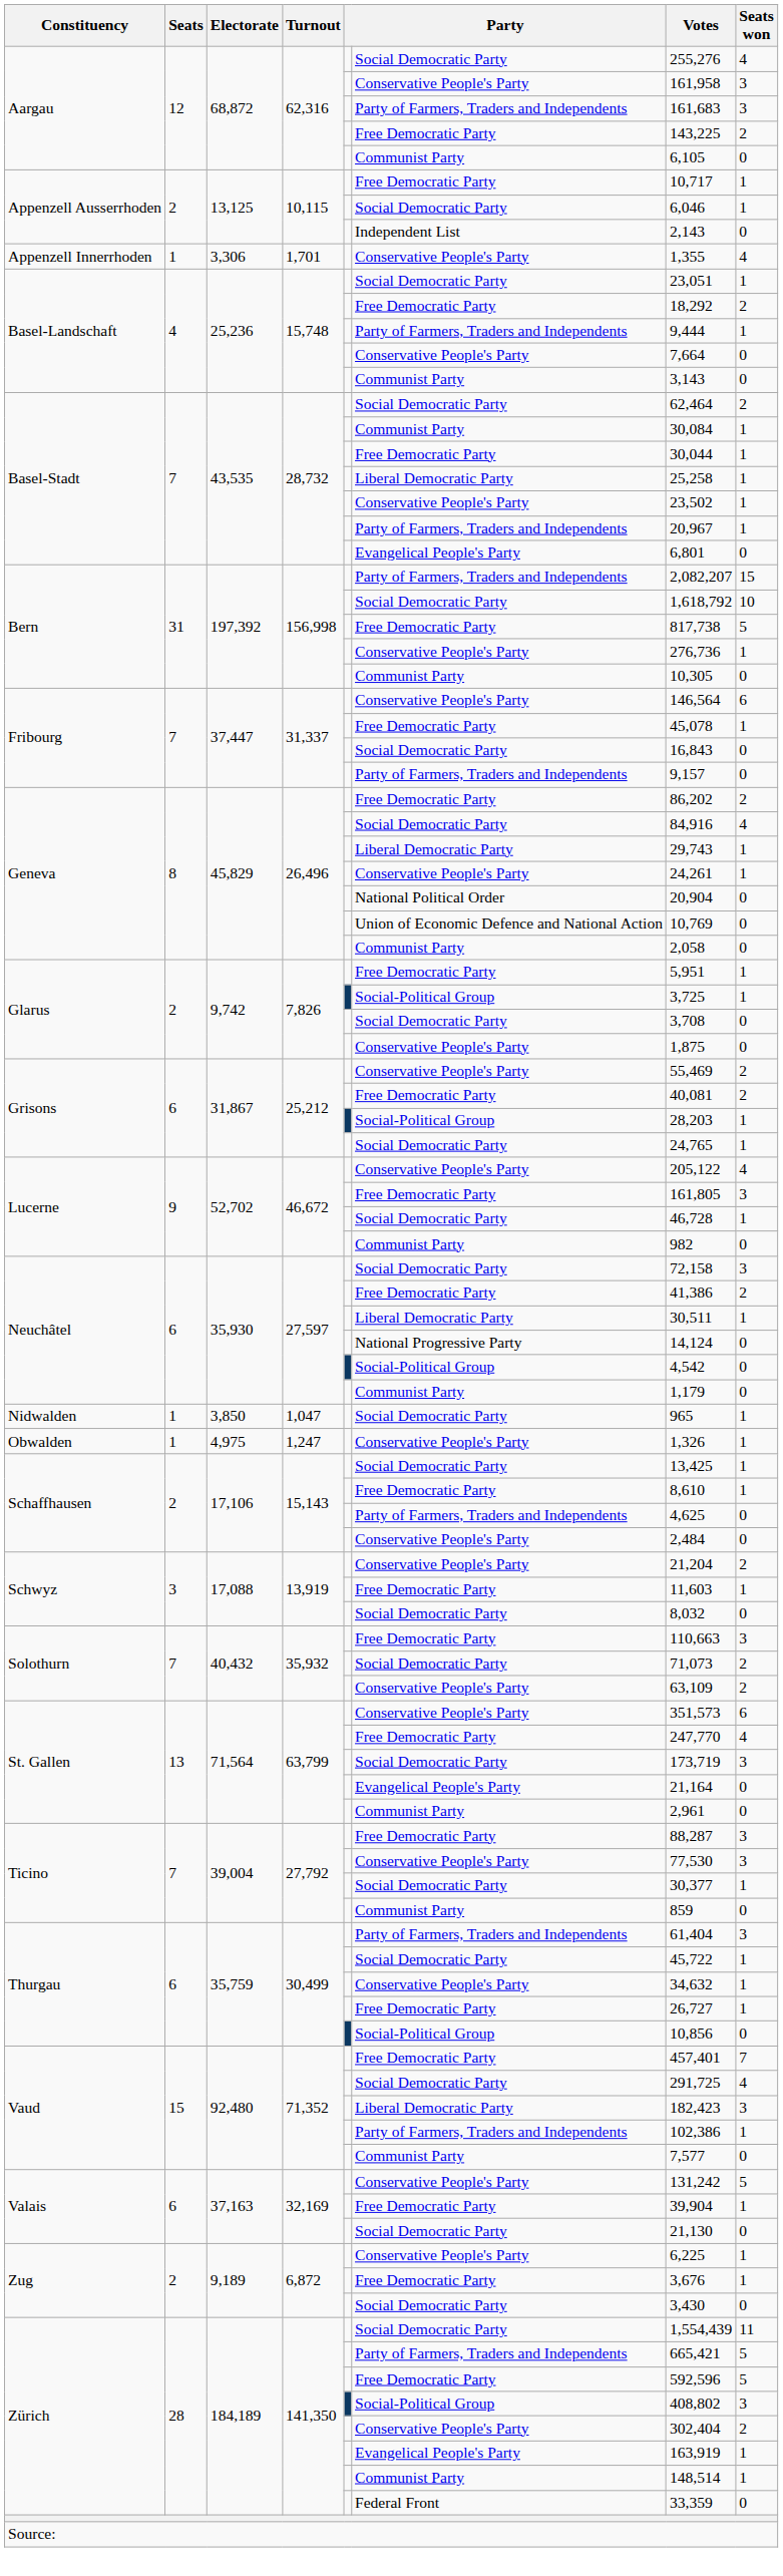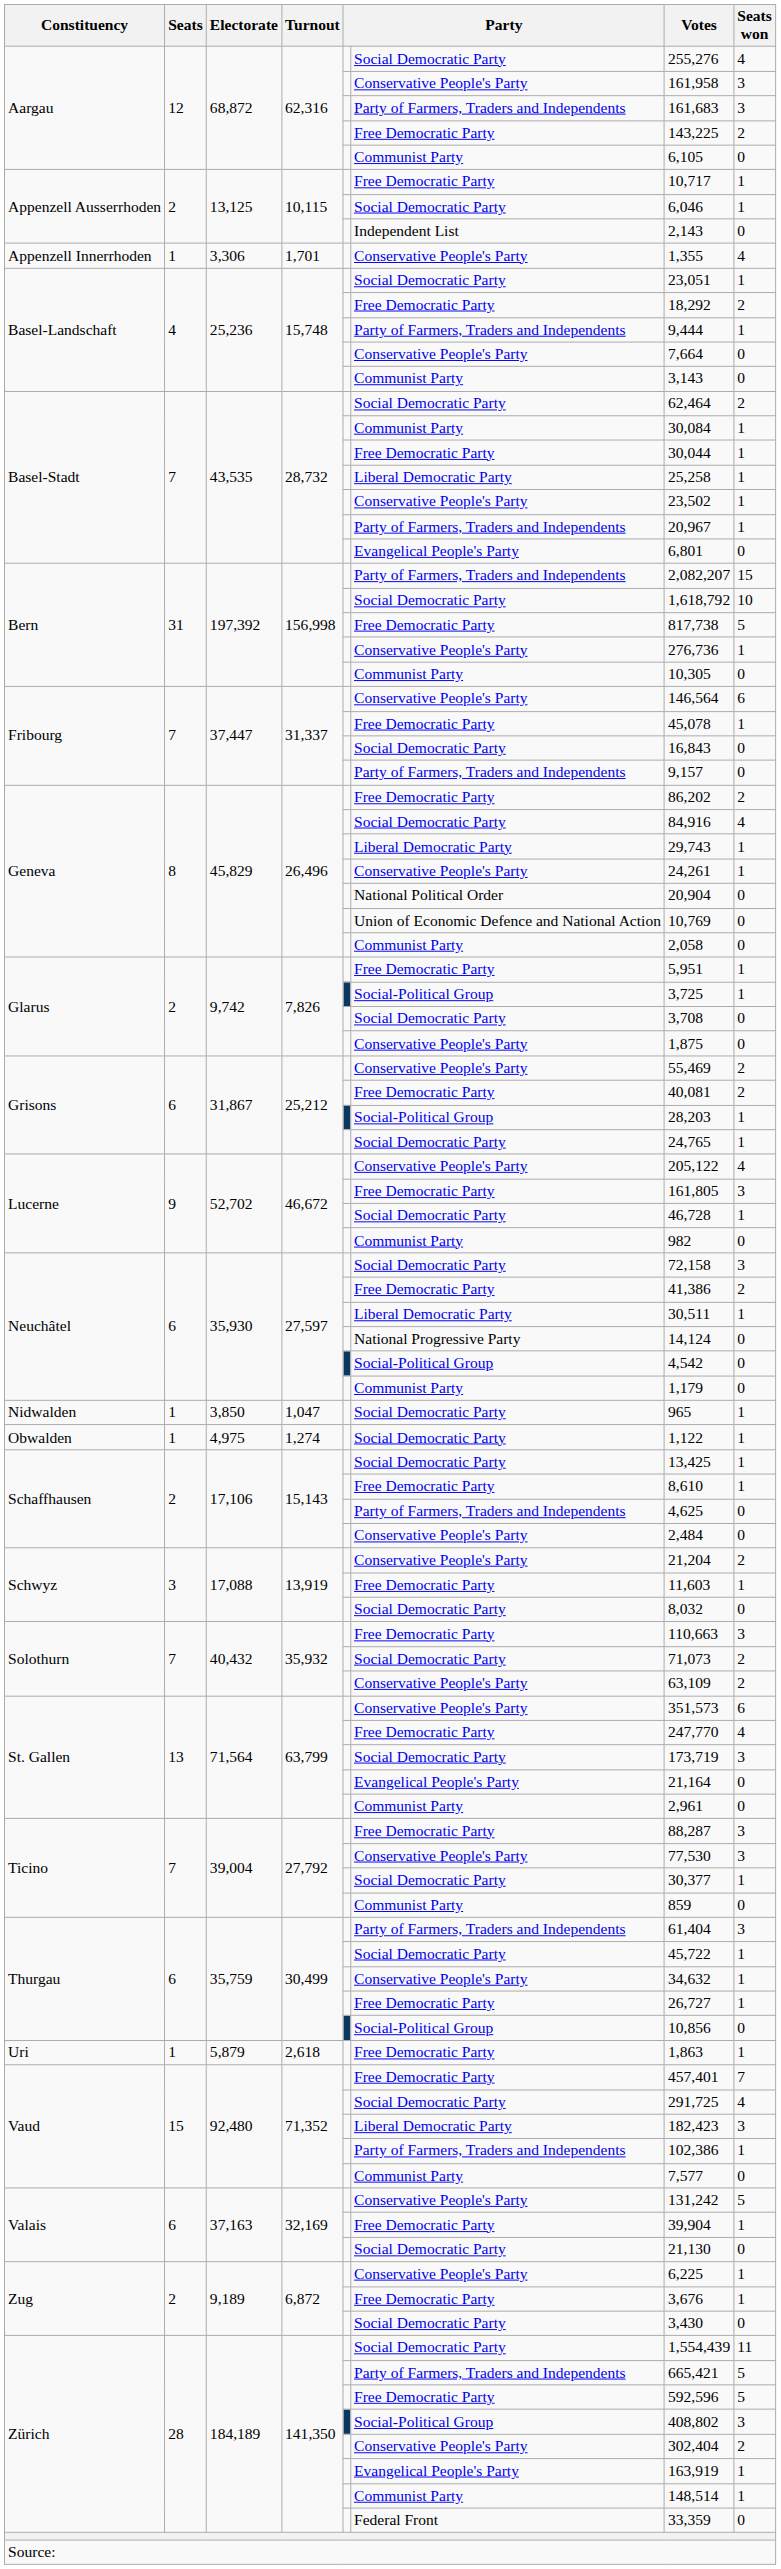 <table class="wikitable">
 <tr>
 <th>Constituency</th>
 <th>Seats</th>
 <th>Electorate</th>
 <th>Turnout</th>
 <th colspan="2">Party</th>
 <th>Votes</th>
 <th>Seats<br>won</th>
 </tr>
 <tr>
 <td rowspan="5">Aargau</td>
 <td rowspan="5">12</td>
 <td rowspan="5">68,872</td>
 <td rowspan="5">62,316</td>
 <td style="color:inherit;background:"></td>
 <td><a href='#'>Social Democratic Party</a></td>
 <td>255,276</td>
 <td>4</td>
 </tr>
 <tr>
 <td style="color:inherit;background:"></td>
 <td><a href='#'>Conservative People's Party</a></td>
 <td>161,958</td>
 <td>3</td>
 </tr>
 <tr>
 <td style="color:inherit;background:"></td>
 <td><a href='#'>Party of Farmers, Traders and Independents</a></td>
 <td>161,683</td>
 <td>3</td>
 </tr>
 <tr>
 <td style="color:inherit;background:"></td>
 <td><a href='#'>Free Democratic Party</a></td>
 <td>143,225</td>
 <td>2</td>
 </tr>
 <tr>
 <td style="color:inherit;background:"></td>
 <td><a href='#'>Communist Party</a></td>
 <td>6,105</td>
 <td>0</td>
 </tr>
 <tr>
 <td rowspan="3">Appenzell Ausserrhoden</td>
 <td rowspan="3">2</td>
 <td rowspan="3">13,125</td>
 <td rowspan="3">10,115</td>
 <td style="color:inherit;background:"></td>
 <td><a href='#'>Free Democratic Party</a></td>
 <td>10,717</td>
 <td>1</td>
 </tr>
 <tr>
 <td style="color:inherit;background:"></td>
 <td><a href='#'>Social Democratic Party</a></td>
 <td>6,046</td>
 <td>1</td>
 </tr>
 <tr>
 <td style="color:inherit;background:"></td>
 <td>Independent List</td>
 <td>2,143</td>
 <td>0</td>
 </tr>
 <tr>
 <td>Appenzell Innerrhoden</td>
 <td>1</td>
 <td>3,306</td>
 <td>1,701</td>
 <td style="color:inherit;background:"></td>
 <td><a href='#'>Conservative People's Party</a></td>
 <td>1,355</td>
 <td>4</td>
 </tr>
 <tr>
 <td rowspan="5">Basel-Landschaft</td>
 <td rowspan="5">4</td>
 <td rowspan="5">25,236</td>
 <td rowspan="5">15,748</td>
 <td style="color:inherit;background:"></td>
 <td><a href='#'>Social Democratic Party</a></td>
 <td>23,051</td>
 <td>1</td>
 </tr>
 <tr>
 <td style="color:inherit;background:"></td>
 <td><a href='#'>Free Democratic Party</a></td>
 <td>18,292</td>
 <td>2</td>
 </tr>
 <tr>
 <td style="color:inherit;background:"></td>
 <td><a href='#'>Party of Farmers, Traders and Independents</a></td>
 <td>9,444</td>
 <td>1</td>
 </tr>
 <tr>
 <td style="color:inherit;background:"></td>
 <td><a href='#'>Conservative People's Party</a></td>
 <td>7,664</td>
 <td>0</td>
 </tr>
 <tr>
 <td style="color:inherit;background:"></td>
 <td><a href='#'>Communist Party</a></td>
 <td>3,143</td>
 <td>0</td>
 </tr>
 <tr>
 <td rowspan="7">Basel-Stadt</td>
 <td rowspan="7">7</td>
 <td rowspan="7">43,535</td>
 <td rowspan="7">28,732</td>
 <td style="color:inherit;background:"></td>
 <td><a href='#'>Social Democratic Party</a></td>
 <td>62,464</td>
 <td>2</td>
 </tr>
 <tr>
 <td style="color:inherit;background:"></td>
 <td><a href='#'>Communist Party</a></td>
 <td>30,084</td>
 <td>1</td>
 </tr>
 <tr>
 <td style="color:inherit;background:"></td>
 <td><a href='#'>Free Democratic Party</a></td>
 <td>30,044</td>
 <td>1</td>
 </tr>
 <tr>
 <td style="color:inherit;background:"></td>
 <td><a href='#'>Liberal Democratic Party</a></td>
 <td>25,258</td>
 <td>1</td>
 </tr>
 <tr>
 <td style="color:inherit;background:"></td>
 <td><a href='#'>Conservative People's Party</a></td>
 <td>23,502</td>
 <td>1</td>
 </tr>
 <tr>
 <td style="color:inherit;background:"></td>
 <td><a href='#'>Party of Farmers, Traders and Independents</a></td>
 <td>20,967</td>
 <td>1</td>
 </tr>
 <tr>
 <td style="color:inherit;background:"></td>
 <td><a href='#'>Evangelical People's Party</a></td>
 <td>6,801</td>
 <td>0</td>
 </tr>
 <tr>
 <td rowspan="5">Bern</td>
 <td rowspan="5">31</td>
 <td rowspan="5">197,392</td>
 <td rowspan="5">156,998</td>
 <td style="color:inherit;background:"></td>
 <td><a href='#'>Party of Farmers, Traders and Independents</a></td>
 <td>2,082,207</td>
 <td>15</td>
 </tr>
 <tr>
 <td style="color:inherit;background:"></td>
 <td><a href='#'>Social Democratic Party</a></td>
 <td>1,618,792</td>
 <td>10</td>
 </tr>
 <tr>
 <td style="color:inherit;background:"></td>
 <td><a href='#'>Free Democratic Party</a></td>
 <td>817,738</td>
 <td>5</td>
 </tr>
 <tr>
 <td style="color:inherit;background:"></td>
 <td><a href='#'>Conservative People's Party</a></td>
 <td>276,736</td>
 <td>1</td>
 </tr>
 <tr>
 <td style="color:inherit;background:"></td>
 <td><a href='#'>Communist Party</a></td>
 <td>10,305</td>
 <td>0</td>
 </tr>
 <tr>
 <td rowspan="4">Fribourg</td>
 <td rowspan="4">7</td>
 <td rowspan="4">37,447</td>
 <td rowspan="4">31,337</td>
 <td style="color:inherit;background:"></td>
 <td><a href='#'>Conservative People's Party</a></td>
 <td>146,564</td>
 <td>6</td>
 </tr>
 <tr>
 <td style="color:inherit;background:"></td>
 <td><a href='#'>Free Democratic Party</a></td>
 <td>45,078</td>
 <td>1</td>
 </tr>
 <tr>
 <td style="color:inherit;background:"></td>
 <td><a href='#'>Social Democratic Party</a></td>
 <td>16,843</td>
 <td>0</td>
 </tr>
 <tr>
 <td style="color:inherit;background:"></td>
 <td><a href='#'>Party of Farmers, Traders and Independents</a></td>
 <td>9,157</td>
 <td>0</td>
 </tr>
 <tr>
 <td rowspan="7">Geneva</td>
 <td rowspan="7">8</td>
 <td rowspan="7">45,829</td>
 <td rowspan="7">26,496</td>
 <td style="color:inherit;background:"></td>
 <td><a href='#'>Free Democratic Party</a></td>
 <td>86,202</td>
 <td>2</td>
 </tr>
 <tr>
 <td style="color:inherit;background:"></td>
 <td><a href='#'>Social Democratic Party</a></td>
 <td>84,916</td>
 <td>4</td>
 </tr>
 <tr>
 <td style="color:inherit;background:"></td>
 <td><a href='#'>Liberal Democratic Party</a></td>
 <td>29,743</td>
 <td>1</td>
 </tr>
 <tr>
 <td style="color:inherit;background:"></td>
 <td><a href='#'>Conservative People's Party</a></td>
 <td>24,261</td>
 <td>1</td>
 </tr>
 <tr>
 <td style="color:inherit;background:"></td>
 <td>National Political Order</td>
 <td>20,904</td>
 <td>0</td>
 </tr>
 <tr>
 <td style="color:inherit;background:"></td>
 <td>Union of Economic Defence and National Action</td>
 <td>10,769</td>
 <td>0</td>
 </tr>
 <tr>
 <td style="color:inherit;background:"></td>
 <td><a href='#'>Communist Party</a></td>
 <td>2,058</td>
 <td>0</td>
 </tr>
 <tr>
 <td rowspan="4">Glarus</td>
 <td rowspan="4">2</td>
 <td rowspan="4">9,742</td>
 <td rowspan="4">7,826</td>
 <td style="color:inherit;background:"></td>
 <td><a href='#'>Free Democratic Party</a></td>
 <td>5,951</td>
 <td>1</td>
 </tr>
 <tr>
 <td style="color:inherit;background:#0B3861"></td>
 <td><a href='#'>Social-Political Group</a></td>
 <td>3,725</td>
 <td>1</td>
 </tr>
 <tr>
 <td style="color:inherit;background:"></td>
 <td><a href='#'>Social Democratic Party</a></td>
 <td>3,708</td>
 <td>0</td>
 </tr>
 <tr>
 <td style="color:inherit;background:"></td>
 <td><a href='#'>Conservative People's Party</a></td>
 <td>1,875</td>
 <td>0</td>
 </tr>
 <tr>
 <td rowspan="4">Grisons</td>
 <td rowspan="4">6</td>
 <td rowspan="4">31,867</td>
 <td rowspan="4">25,212</td>
 <td style="color:inherit;background:"></td>
 <td><a href='#'>Conservative People's Party</a></td>
 <td>55,469</td>
 <td>2</td>
 </tr>
 <tr>
 <td style="color:inherit;background:"></td>
 <td><a href='#'>Free Democratic Party</a></td>
 <td>40,081</td>
 <td>2</td>
 </tr>
 <tr>
 <td style="color:inherit;background:#0B3861"></td>
 <td><a href='#'>Social-Political Group</a></td>
 <td>28,203</td>
 <td>1</td>
 </tr>
 <tr>
 <td style="color:inherit;background:"></td>
 <td><a href='#'>Social Democratic Party</a></td>
 <td>24,765</td>
 <td>1</td>
 </tr>
 <tr>
 <td rowspan="4">Lucerne</td>
 <td rowspan="4">9</td>
 <td rowspan="4">52,702</td>
 <td rowspan="4">46,672</td>
 <td style="color:inherit;background:"></td>
 <td><a href='#'>Conservative People's Party</a></td>
 <td>205,122</td>
 <td>4</td>
 </tr>
 <tr>
 <td style="color:inherit;background:"></td>
 <td><a href='#'>Free Democratic Party</a></td>
 <td>161,805</td>
 <td>3</td>
 </tr>
 <tr>
 <td style="color:inherit;background:"></td>
 <td><a href='#'>Social Democratic Party</a></td>
 <td>46,728</td>
 <td>1</td>
 </tr>
 <tr>
 <td style="color:inherit;background:"></td>
 <td><a href='#'>Communist Party</a></td>
 <td>982</td>
 <td>0</td>
 </tr>
 <tr>
 <td rowspan="6">Neuchâtel</td>
 <td rowspan="6">6</td>
 <td rowspan="6">35,930</td>
 <td rowspan="6">27,597</td>
 <td style="color:inherit;background:"></td>
 <td><a href='#'>Social Democratic Party</a></td>
 <td>72,158</td>
 <td>3</td>
 </tr>
 <tr>
 <td style="color:inherit;background:"></td>
 <td><a href='#'>Free Democratic Party</a></td>
 <td>41,386</td>
 <td>2</td>
 </tr>
 <tr>
 <td style="color:inherit;background:"></td>
 <td><a href='#'>Liberal Democratic Party</a></td>
 <td>30,511</td>
 <td>1</td>
 </tr>
 <tr>
 <td style="color:inherit;background:"></td>
 <td>National Progressive Party</td>
 <td>14,124</td>
 <td>0</td>
 </tr>
 <tr>
 <td style="color:inherit;background:#0B3861"></td>
 <td><a href='#'>Social-Political Group</a></td>
 <td>4,542</td>
 <td>0</td>
 </tr>
 <tr>
 <td style="color:inherit;background:"></td>
 <td><a href='#'>Communist Party</a></td>
 <td>1,179</td>
 <td>0</td>
 </tr>
 <tr>
 <td>Nidwalden</td>
 <td>1</td>
 <td>3,850</td>
 <td>1,047</td>
 <td style="color:inherit;background:"></td>
 <td><a href='#'>Social Democratic Party</a></td>
 <td>965</td>
 <td>1</td>
 </tr>
 <tr>
 <td>Obwalden</td>
 <td>1</td>
 <td>4,975</td>
-<td>1,247</td>
+<td>1,274</td>
 <td style="color:inherit;background:"></td>
-<td><a href='#'>Conservative People's Party</a></td>
-<td>1,326</td>
+<td><a href='#'>Social Democratic Party</a></td>
+<td>1,122</td>
 <td>1</td>
 </tr>
 <tr>
 <td rowspan="4">Schaffhausen</td>
 <td rowspan="4">2</td>
 <td rowspan="4">17,106</td>
 <td rowspan="4">15,143</td>
 <td style="color:inherit;background:"></td>
 <td><a href='#'>Social Democratic Party</a></td>
 <td>13,425</td>
 <td>1</td>
 </tr>
 <tr>
 <td style="color:inherit;background:"></td>
 <td><a href='#'>Free Democratic Party</a></td>
 <td>8,610</td>
 <td>1</td>
 </tr>
 <tr>
 <td style="color:inherit;background:"></td>
 <td><a href='#'>Party of Farmers, Traders and Independents</a></td>
 <td>4,625</td>
 <td>0</td>
 </tr>
 <tr>
 <td style="color:inherit;background:"></td>
 <td><a href='#'>Conservative People's Party</a></td>
 <td>2,484</td>
 <td>0</td>
 </tr>
 <tr>
 <td rowspan="3">Schwyz</td>
 <td rowspan="3">3</td>
 <td rowspan="3">17,088</td>
 <td rowspan="3">13,919</td>
 <td style="color:inherit;background:"></td>
 <td><a href='#'>Conservative People's Party</a></td>
 <td>21,204</td>
 <td>2</td>
 </tr>
 <tr>
 <td style="color:inherit;background:"></td>
 <td><a href='#'>Free Democratic Party</a></td>
 <td>11,603</td>
 <td>1</td>
 </tr>
 <tr>
 <td style="color:inherit;background:"></td>
 <td><a href='#'>Social Democratic Party</a></td>
 <td>8,032</td>
 <td>0</td>
 </tr>
 <tr>
 <td rowspan="3">Solothurn</td>
 <td rowspan="3">7</td>
 <td rowspan="3">40,432</td>
 <td rowspan="3">35,932</td>
 <td style="color:inherit;background:"></td>
 <td><a href='#'>Free Democratic Party</a></td>
 <td>110,663</td>
 <td>3</td>
 </tr>
 <tr>
 <td style="color:inherit;background:"></td>
 <td><a href='#'>Social Democratic Party</a></td>
 <td>71,073</td>
 <td>2</td>
 </tr>
 <tr>
 <td style="color:inherit;background:"></td>
 <td><a href='#'>Conservative People's Party</a></td>
 <td>63,109</td>
 <td>2</td>
 </tr>
 <tr>
 <td rowspan="5">St. Gallen</td>
 <td rowspan="5">13</td>
 <td rowspan="5">71,564</td>
 <td rowspan="5">63,799</td>
 <td style="color:inherit;background:"></td>
 <td><a href='#'>Conservative People's Party</a></td>
 <td>351,573</td>
 <td>6</td>
 </tr>
 <tr>
 <td style="color:inherit;background:"></td>
 <td><a href='#'>Free Democratic Party</a></td>
 <td>247,770</td>
 <td>4</td>
 </tr>
 <tr>
 <td style="color:inherit;background:"></td>
 <td><a href='#'>Social Democratic Party</a></td>
 <td>173,719</td>
 <td>3</td>
 </tr>
 <tr>
 <td style="color:inherit;background:"></td>
 <td><a href='#'>Evangelical People's Party</a></td>
 <td>21,164</td>
 <td>0</td>
 </tr>
 <tr>
 <td style="color:inherit;background:"></td>
 <td><a href='#'>Communist Party</a></td>
 <td>2,961</td>
 <td>0</td>
 </tr>
 <tr>
 <td rowspan="4">Ticino</td>
 <td rowspan="4">7</td>
 <td rowspan="4">39,004</td>
 <td rowspan="4">27,792</td>
 <td style="color:inherit;background:"></td>
 <td><a href='#'>Free Democratic Party</a></td>
 <td>88,287</td>
 <td>3</td>
 </tr>
 <tr>
 <td style="color:inherit;background:"></td>
 <td><a href='#'>Conservative People's Party</a></td>
 <td>77,530</td>
 <td>3</td>
 </tr>
 <tr>
 <td style="color:inherit;background:"></td>
 <td><a href='#'>Social Democratic Party</a></td>
 <td>30,377</td>
 <td>1</td>
 </tr>
 <tr>
 <td style="color:inherit;background:"></td>
 <td><a href='#'>Communist Party</a></td>
 <td>859</td>
 <td>0</td>
 </tr>
 <tr>
 <td rowspan="5">Thurgau</td>
 <td rowspan="5">6</td>
 <td rowspan="5">35,759</td>
 <td rowspan="5">30,499</td>
 <td style="color:inherit;background:"></td>
 <td><a href='#'>Party of Farmers, Traders and Independents</a></td>
 <td>61,404</td>
 <td>3</td>
 </tr>
 <tr>
 <td style="color:inherit;background:"></td>
 <td><a href='#'>Social Democratic Party</a></td>
 <td>45,722</td>
 <td>1</td>
 </tr>
 <tr>
 <td style="color:inherit;background:"></td>
 <td><a href='#'>Conservative People's Party</a></td>
 <td>34,632</td>
 <td>1</td>
 </tr>
 <tr>
 <td style="color:inherit;background:"></td>
 <td><a href='#'>Free Democratic Party</a></td>
 <td>26,727</td>
 <td>1</td>
 </tr>
 <tr>
 <td style="color:inherit;background:#0B3861"></td>
 <td><a href='#'>Social-Political Group</a></td>
 <td>10,856</td>
 <td>0</td>
 </tr>
 <tr>
+<td>Uri</td>
+<td>1</td>
+<td>5,879</td>
+<td>2,618</td>
+<td style="color:inherit;background:"></td>
+<td><a href='#'>Free Democratic Party</a></td>
+<td>1,863</td>
+<td>1</td>
+</tr>
+<tr>
 <td rowspan="5">Vaud</td>
 <td rowspan="5">15</td>
 <td rowspan="5">92,480</td>
 <td rowspan="5">71,352</td>
 <td style="color:inherit;background:"></td>
 <td><a href='#'>Free Democratic Party</a></td>
 <td>457,401</td>
 <td>7</td>
 </tr>
 <tr>
 <td style="color:inherit;background:"></td>
 <td><a href='#'>Social Democratic Party</a></td>
 <td>291,725</td>
 <td>4</td>
 </tr>
 <tr>
 <td style="color:inherit;background:"></td>
 <td><a href='#'>Liberal Democratic Party</a></td>
 <td>182,423</td>
 <td>3</td>
 </tr>
 <tr>
 <td style="color:inherit;background:"></td>
 <td><a href='#'>Party of Farmers, Traders and Independents</a></td>
 <td>102,386</td>
 <td>1</td>
 </tr>
 <tr>
 <td style="color:inherit;background:"></td>
 <td><a href='#'>Communist Party</a></td>
 <td>7,577</td>
 <td>0</td>
 </tr>
 <tr>
 <td rowspan="3">Valais</td>
 <td rowspan="3">6</td>
 <td rowspan="3">37,163</td>
 <td rowspan="3">32,169</td>
 <td style="color:inherit;background:"></td>
 <td><a href='#'>Conservative People's Party</a></td>
 <td>131,242</td>
 <td>5</td>
 </tr>
 <tr>
 <td style="color:inherit;background:"></td>
 <td><a href='#'>Free Democratic Party</a></td>
 <td>39,904</td>
 <td>1</td>
 </tr>
 <tr>
 <td style="color:inherit;background:"></td>
 <td><a href='#'>Social Democratic Party</a></td>
 <td>21,130</td>
 <td>0</td>
 </tr>
 <tr>
 <td rowspan="3">Zug</td>
 <td rowspan="3">2</td>
 <td rowspan="3">9,189</td>
 <td rowspan="3">6,872</td>
 <td style="color:inherit;background:"></td>
 <td><a href='#'>Conservative People's Party</a></td>
 <td>6,225</td>
 <td>1</td>
 </tr>
 <tr>
 <td style="color:inherit;background:"></td>
 <td><a href='#'>Free Democratic Party</a></td>
 <td>3,676</td>
 <td>1</td>
 </tr>
 <tr>
 <td style="color:inherit;background:"></td>
 <td><a href='#'>Social Democratic Party</a></td>
 <td>3,430</td>
 <td>0</td>
 </tr>
 <tr>
 <td rowspan="8">Zürich</td>
 <td rowspan="8">28</td>
 <td rowspan="8">184,189</td>
 <td rowspan="8">141,350</td>
 <td style="color:inherit;background:"></td>
 <td><a href='#'>Social Democratic Party</a></td>
 <td>1,554,439</td>
 <td>11</td>
 </tr>
 <tr>
 <td style="color:inherit;background:"></td>
 <td><a href='#'>Party of Farmers, Traders and Independents</a></td>
 <td>665,421</td>
 <td>5</td>
 </tr>
 <tr>
 <td style="color:inherit;background:"></td>
 <td><a href='#'>Free Democratic Party</a></td>
 <td>592,596</td>
 <td>5</td>
 </tr>
 <tr>
 <td style="color:inherit;background:#0B3861"></td>
 <td><a href='#'>Social-Political Group</a></td>
 <td>408,802</td>
 <td>3</td>
 </tr>
 <tr>
 <td style="color:inherit;background:"></td>
 <td><a href='#'>Conservative People's Party</a></td>
 <td>302,404</td>
 <td>2</td>
 </tr>
 <tr>
 <td style="color:inherit;background:"></td>
 <td><a href='#'>Evangelical People's Party</a></td>
 <td>163,919</td>
 <td>1</td>
 </tr>
 <tr>
 <td style="color:inherit;background:"></td>
 <td><a href='#'>Communist Party</a></td>
 <td>148,514</td>
 <td>1</td>
 </tr>
 <tr>
 <td style="color:inherit;background:"></td>
 <td>Federal Front</td>
 <td>33,359</td>
 <td>0</td>
 </tr>
 <tr>
 <th colspan="8"></th>
 </tr>
 <tr>
 <td colspan="8">Source: </td>
 </tr>
 </table>
